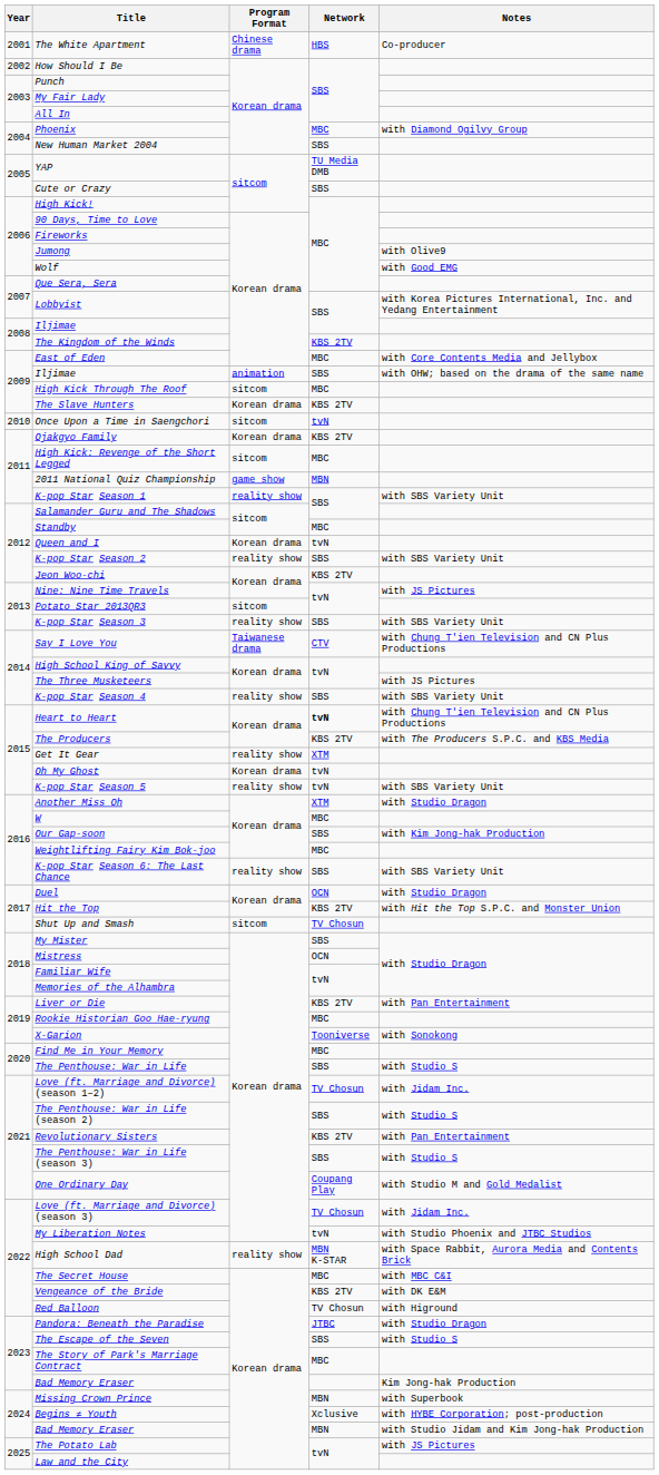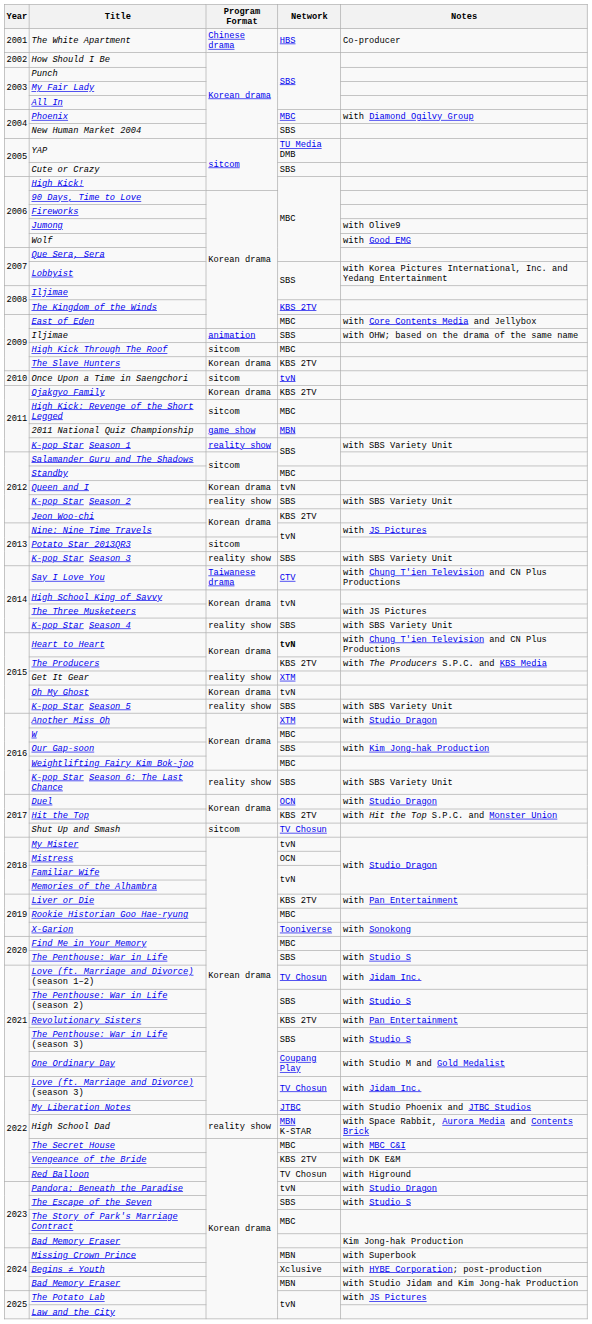 <table class="wikitable">
 <tr>
 <th>Year</th>
 <th>Title</th>
 <th>Program Format</th>
 <th>Network</th>
 <th>Notes</th>
 </tr>
 <tr>
 <td>2001</td>
 <td><em>The White Apartment</em></td>
 <td><a href='#'>Chinese drama</a></td>
 <td><a href='#'>HBS</a></td>
 <td>Co-producer</td>
 </tr>
 <tr>
 <td>2002</td>
 <td><em>How Should I Be</em></td>
 <td rowspan="6"><a href='#'>Korean drama</a></td>
 <td rowspan="4"><a href='#'>SBS</a></td>
 <td></td>
 </tr>
 <tr>
 <td rowspan="3">2003</td>
 <td><em>Punch</em></td>
 <td></td>
 </tr>
 <tr>
 <td><em><a href='#'>My Fair Lady</a></em></td>
 <td></td>
 </tr>
 <tr>
 <td><em><a href='#'>All In</a></em></td>
 <td></td>
 </tr>
 <tr>
 <td rowspan="2">2004</td>
 <td><em><a href='#'>Phoenix</a></em></td>
 <td><a href='#'>MBC</a></td>
 <td>with <a href='#'>Diamond Ogilvy Group</a></td>
 </tr>
 <tr>
 <td><em>New Human Market 2004</em></td>
 <td>SBS</td>
 <td></td>
 </tr>
 <tr>
 <td rowspan="2">2005</td>
 <td><em>YAP</em></td>
 <td rowspan="3"><a href='#'>sitcom</a></td>
 <td><a href='#'>TU Media</a> DMB</td>
 <td></td>
 </tr>
 <tr>
 <td><em>Cute or Crazy</em></td>
 <td>SBS</td>
 <td></td>
 </tr>
 <tr>
 <td rowspan="5">2006</td>
 <td><em><a href='#'>High Kick!</a></em></td>
 <td rowspan="6">MBC</td>
 <td></td>
 </tr>
 <tr>
 <td><em><a href='#'>90 Days, Time to Love</a></em></td>
 <td rowspan="10">Korean drama</td>
 <td></td>
 </tr>
 <tr>
 <td><em><a href='#'>Fireworks</a></em></td>
 <td></td>
 </tr>
 <tr>
 <td><em><a href='#'>Jumong</a></em></td>
 <td>with Olive9</td>
 </tr>
 <tr>
 <td><em>Wolf</em></td>
 <td>with <a href='#'>Good EMG</a></td>
 </tr>
 <tr>
 <td rowspan="2">2007</td>
 <td><em><a href='#'>Que Sera, Sera</a></em></td>
 <td></td>
 </tr>
 <tr>
 <td><em><a href='#'>Lobbyist</a></em></td>
 <td rowspan="2">SBS</td>
 <td>with Korea Pictures International, Inc. and Yedang Entertainment</td>
 </tr>
 <tr>
 <td rowspan="3">2008</td>
 <td><em><a href='#'>Iljimae</a></em></td>
 <td></td>
 </tr>
 <tr>
 <td><em><a href='#'>The Kingdom of the Winds</a></em></td>
 <td><a href='#'>KBS 2TV</a></td>
 <td></td>
 </tr>
 <tr>
 <td rowspan="2"><em><a href='#'>East of Eden</a></em></td>
 <td rowspan="2">MBC</td>
 <td rowspan="2">with <a href='#'>Core Contents Media</a> and Jellybox</td>
 </tr>
 <tr>
 <td rowspan="4">2009</td>
 </tr>
 <tr>
 <td><em>Iljimae</em></td>
 <td><a href='#'>animation</a></td>
 <td>SBS</td>
 <td>with OHW; based on the drama of the same name</td>
 </tr>
 <tr>
 <td><em><a href='#'>High Kick Through The Roof</a></em></td>
 <td>sitcom</td>
 <td>MBC</td>
 <td></td>
 </tr>
 <tr>
 <td><em><a href='#'>The Slave Hunters</a></em></td>
 <td>Korean drama</td>
 <td>KBS 2TV</td>
 <td></td>
 </tr>
 <tr>
 <td>2010</td>
 <td><em>Once Upon a Time in Saengchori</em></td>
 <td>sitcom</td>
 <td><a href='#'>tvN</a></td>
 <td></td>
 </tr>
 <tr>
 <td rowspan="4">2011</td>
 <td><em><a href='#'>Ojakgyo Family</a></em></td>
 <td>Korean drama</td>
 <td>KBS 2TV</td>
 <td></td>
 </tr>
 <tr>
 <td><em><a href='#'>High Kick: Revenge of the Short Legged</a></em></td>
 <td>sitcom</td>
 <td>MBC</td>
 <td></td>
 </tr>
 <tr>
 <td><em>2011 National Quiz Championship</em></td>
 <td><a href='#'>game show</a></td>
 <td><a href='#'>MBN</a></td>
 <td></td>
 </tr>
 <tr>
 <td><em><a href='#'>K-pop Star</a> <a href='#'>Season 1</a></em></td>
 <td><a href='#'>reality show</a></td>
 <td rowspan="2">SBS</td>
 <td>with SBS Variety Unit</td>
 </tr>
 <tr>
 <td rowspan="5">2012</td>
 <td><em><a href='#'>Salamander Guru and The Shadows</a></em></td>
 <td rowspan="2">sitcom</td>
 <td></td>
 </tr>
 <tr>
 <td><em><a href='#'>Standby</a></em></td>
 <td>MBC</td>
 <td></td>
 </tr>
 <tr>
 <td><em><a href='#'>Queen and I</a></em></td>
 <td>Korean drama</td>
 <td>tvN</td>
 <td></td>
 </tr>
 <tr>
 <td><em><a href='#'>K-pop Star</a> <a href='#'>Season 2</a></em></td>
 <td>reality show</td>
 <td>SBS</td>
 <td>with SBS Variety Unit</td>
 </tr>
 <tr>
 <td><em><a href='#'>Jeon Woo-chi</a></em></td>
 <td rowspan="2">Korean drama</td>
 <td>KBS 2TV</td>
 <td></td>
 </tr>
 <tr>
 <td rowspan="3">2013</td>
 <td><em><a href='#'>Nine: Nine Time Travels</a></em></td>
 <td rowspan="2">tvN</td>
 <td>with <a href='#'>JS Pictures</a></td>
 </tr>
 <tr>
 <td><em><a href='#'>Potato Star 2013QR3</a></em></td>
 <td>sitcom</td>
 <td></td>
 </tr>
 <tr>
 <td><em><a href='#'>K-pop Star</a> <a href='#'>Season 3</a></em></td>
 <td>reality show</td>
 <td>SBS</td>
 <td>with SBS Variety Unit</td>
 </tr>
 <tr>
 <td rowspan="4">2014</td>
 <td><em><a href='#'>Say I Love You</a></em></td>
 <td><a href='#'>Taiwanese drama</a></td>
 <td><a href='#'>CTV</a></td>
 <td>with <a href='#'>Chung T'ien Television</a> and CN Plus Productions</td>
 </tr>
 <tr>
 <td><em><a href='#'>High School King of Savvy</a></em></td>
 <td rowspan="2">Korean drama</td>
 <td rowspan="2">tvN</td>
 <td></td>
 </tr>
 <tr>
 <td><em><a href='#'>The Three Musketeers</a></em></td>
 <td>with JS Pictures</td>
 </tr>
 <tr>
 <td><em><a href='#'>K-pop Star</a> <a href='#'>Season 4</a></em></td>
 <td>reality show</td>
 <td>SBS</td>
 <td>with SBS Variety Unit</td>
 </tr>
 <tr>
 <td rowspan="5">2015</td>
 <td><em><a href='#'>Heart to Heart</a></em></td>
 <td rowspan="2">Korean drama</td>
 <td><strong>tvN</strong></td>
 <td>with <a href='#'>Chung T'ien Television</a> and CN Plus Productions</td>
 </tr>
 <tr>
 <td><em><a href='#'>The Producers</a></em></td>
 <td>KBS 2TV</td>
 <td>with <em>The Producers</em> S.P.C. and <a href='#'>KBS Media</a></td>
 </tr>
 <tr>
 <td><em>Get It Gear</em></td>
 <td>reality show</td>
 <td><a href='#'>XTM</a></td>
 <td></td>
 </tr>
 <tr>
 <td><em><a href='#'>Oh My Ghost</a></em></td>
 <td>Korean drama</td>
 <td>tvN</td>
 <td></td>
 </tr>
 <tr>
 <td><em><a href='#'>K-pop Star</a> <a href='#'>Season 5</a></em></td>
 <td>reality show</td>
-<td>tvN</td>
+<td>SBS</td>
 <td>with SBS Variety Unit</td>
 </tr>
 <tr>
 <td rowspan="5">2016</td>
 <td><em><a href='#'>Another Miss Oh</a></em></td>
 <td rowspan="4">Korean drama</td>
 <td><a href='#'>XTM</a></td>
 <td>with <a href='#'>Studio Dragon</a></td>
 </tr>
 <tr>
 <td><em><a href='#'>W</a></em></td>
 <td>MBC</td>
 <td></td>
 </tr>
 <tr>
 <td><em><a href='#'>Our Gap-soon</a></em></td>
 <td>SBS</td>
 <td>with <a href='#'>Kim Jong-hak Production</a></td>
 </tr>
 <tr>
 <td><em><a href='#'>Weightlifting Fairy Kim Bok-joo</a></em></td>
 <td>MBC</td>
 <td></td>
 </tr>
 <tr>
 <td><em><a href='#'>K-pop Star</a> <a href='#'>Season 6: The Last Chance</a></em></td>
 <td>reality show</td>
 <td>SBS</td>
 <td>with SBS Variety Unit</td>
 </tr>
 <tr>
 <td rowspan="3">2017</td>
 <td><em><a href='#'>Duel</a></em></td>
 <td rowspan="2">Korean drama</td>
 <td><a href='#'>OCN</a></td>
 <td>with <a href='#'>Studio Dragon</a></td>
 </tr>
 <tr>
 <td><em><a href='#'>Hit the Top</a></em></td>
 <td>KBS 2TV</td>
 <td>with <em>Hit the Top</em> S.P.C. and <a href='#'>Monster Union</a></td>
 </tr>
 <tr>
 <td><em>Shut Up and Smash</em></td>
 <td>sitcom</td>
 <td><a href='#'>TV Chosun</a></td>
 <td></td>
 </tr>
 <tr>
 <td rowspan="4">2018</td>
 <td><em><a href='#'>My Mister</a></em></td>
 <td rowspan="16">Korean drama</td>
-<td>SBS</td>
+<td>tvN</td>
 <td rowspan="4">with <a href='#'>Studio Dragon</a></td>
 </tr>
 <tr>
 <td><em><a href='#'>Mistress</a></em></td>
 <td>OCN</td>
 </tr>
 <tr>
 <td><em><a href='#'>Familiar Wife</a></em></td>
 <td rowspan="2">tvN</td>
 </tr>
 <tr>
 <td><em><a href='#'>Memories of the Alhambra</a></em></td>
 </tr>
 <tr>
 <td rowspan="3">2019</td>
 <td><em><a href='#'>Liver or Die</a></em></td>
 <td>KBS 2TV</td>
 <td>with <a href='#'>Pan Entertainment</a></td>
 </tr>
 <tr>
 <td><em><a href='#'>Rookie Historian Goo Hae-ryung</a></em></td>
 <td>MBC</td>
 <td></td>
 </tr>
 <tr>
 <td><em><a href='#'>X-Garion</a></em></td>
 <td><a href='#'>Tooniverse</a></td>
 <td>with <a href='#'>Sonokong</a></td>
 </tr>
 <tr>
 <td rowspan="2">2020</td>
 <td><em><a href='#'>Find Me in Your Memory</a></em></td>
 <td>MBC</td>
 <td></td>
 </tr>
 <tr>
 <td><em><a href='#'>The Penthouse: War in Life</a></em></td>
 <td>SBS</td>
 <td>with <a href='#'>Studio S</a></td>
 </tr>
 <tr>
 <td rowspan="5">2021</td>
 <td><em><a href='#'>Love (ft. Marriage and Divorce)</a></em> (season 1–2)</td>
 <td><a href='#'>TV Chosun</a></td>
 <td>with <a href='#'>Jidam Inc.</a></td>
 </tr>
 <tr>
 <td><em><a href='#'>The Penthouse: War in Life</a></em> (season 2)</td>
 <td>SBS</td>
 <td>with <a href='#'>Studio S</a></td>
 </tr>
 <tr>
 <td><em><a href='#'>Revolutionary Sisters</a></em></td>
 <td>KBS 2TV</td>
 <td>with <a href='#'>Pan Entertainment</a></td>
 </tr>
 <tr>
 <td><em><a href='#'>The Penthouse: War in Life</a></em> (season 3)</td>
 <td>SBS</td>
 <td>with <a href='#'>Studio S</a></td>
 </tr>
 <tr>
 <td><em><a href='#'>One Ordinary Day</a></em></td>
 <td><a href='#'>Coupang Play</a></td>
 <td>with Studio M and <a href='#'>Gold Medalist</a></td>
 </tr>
 <tr>
 <td rowspan="6">2022</td>
 <td><em><a href='#'>Love (ft. Marriage and Divorce)</a></em> (season 3)</td>
 <td><a href='#'>TV Chosun</a></td>
 <td>with <a href='#'>Jidam Inc.</a></td>
 </tr>
 <tr>
 <td><em><a href='#'>My Liberation Notes</a></em></td>
-<td>tvN</td>
+<td><a href='#'>JTBC</a></td>
 <td>with Studio Phoenix and <a href='#'>JTBC Studios</a></td>
 </tr>
 <tr>
 <td><em>High School Dad</em></td>
 <td>reality show</td>
 <td><a href='#'>MBN</a><br>K-STAR</td>
 <td>with Space Rabbit, <a href='#'>Aurora Media</a> and <a href='#'>Contents Brick</a></td>
 </tr>
 <tr>
 <td><em><a href='#'>The Secret House</a></em></td>
 <td rowspan="12">Korean drama</td>
 <td>MBC</td>
 <td>with <a href='#'>MBC C&I</a></td>
 </tr>
 <tr>
 <td><em><a href='#'>Vengeance of the Bride</a></em></td>
 <td>KBS 2TV</td>
 <td>with DK E&M</td>
 </tr>
 <tr>
 <td><em><a href='#'>Red Balloon</a></em></td>
 <td>TV Chosun</td>
 <td>with Higround</td>
 </tr>
 <tr>
 <td rowspan="4">2023</td>
 <td><em><a href='#'>Pandora: Beneath the Paradise</a></em></td>
-<td><a href='#'>JTBC</a></td>
+<td>tvN</td>
 <td>with <a href='#'>Studio Dragon</a></td>
 </tr>
 <tr>
 <td><em><a href='#'>The Escape of the Seven</a></em></td>
 <td>SBS</td>
 <td>with <a href='#'>Studio S</a></td>
 </tr>
 <tr>
 <td><em><a href='#'>The Story of Park's Marriage Contract</a></em></td>
 <td>MBC</td>
 <td></td>
 </tr>
 <tr>
 <td><em><a href='#'>Bad Memory Eraser</a></em></td>
 <td></td>
 <td>Kim Jong-hak Production</td>
 </tr>
 <tr>
 <td rowspan="3">2024</td>
 <td><em><a href='#'>Missing Crown Prince</a></em></td>
 <td>MBN</td>
 <td>with Superbook</td>
 </tr>
 <tr>
 <td><em><a href='#'>Begins ≠ Youth</a></em></td>
 <td>Xclusive</td>
 <td>with <a href='#'>HYBE Corporation</a>; post-production</td>
 </tr>
 <tr>
 <td><em><a href='#'>Bad Memory Eraser</a></em></td>
 <td>MBN</td>
 <td>with Studio Jidam and Kim Jong-hak Production</td>
 </tr>
 <tr>
 <td rowspan="2">2025</td>
 <td><em><a href='#'>The Potato Lab</a></em></td>
 <td rowspan="2">tvN</td>
 <td>with <a href='#'>JS Pictures</a></td>
 </tr>
 <tr>
 <td><em><a href='#'>Law and the City</a></em></td>
 </tr>
 </table>
